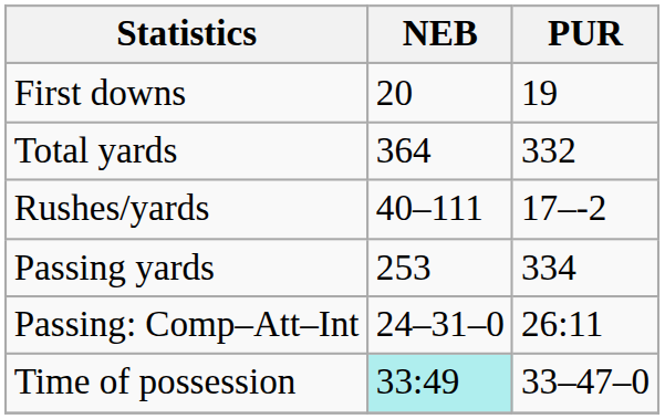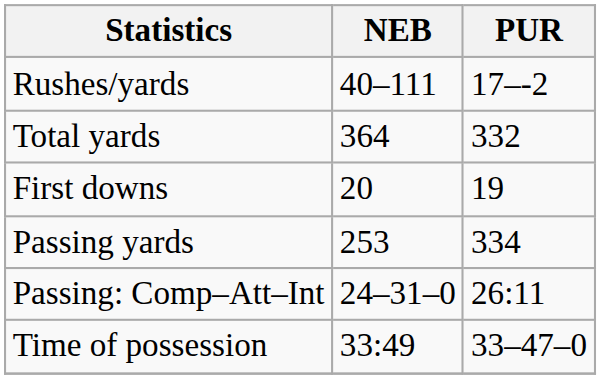 <table class="wikitable" style="float: left;">
 <tr>
 <th>Statistics</th>
 <th>NEB</th>
 <th>PUR</th>
 </tr>
 <tr>
-<td>First downs</td>
-<td>20</td>
-<td>19</td>
+<td>Rushes/yards</td>
+<td>40–111</td>
+<td>17–-2</td>
 </tr>
 <tr>
 <td>Total yards</td>
 <td>364</td>
 <td>332</td>
 </tr>
 <tr>
-<td>Rushes/yards</td>
-<td>40–111</td>
-<td>17–-2</td>
+<td>First downs</td>
+<td>20</td>
+<td>19</td>
 </tr>
 <tr>
 <td>Passing yards</td>
 <td>253</td>
 <td>334</td>
 </tr>
 <tr>
 <td>Passing: Comp–Att–Int</td>
 <td>24–31–0</td>
 <td>26:11</td>
 </tr>
 <tr>
 <td>Time of possession</td>
-<td style="background: paleturquoise;">33:49</td>
+<td>33:49</td>
 <td>33–47–0</td>
 </tr>
 <tr>
 </tr>
 </table>
